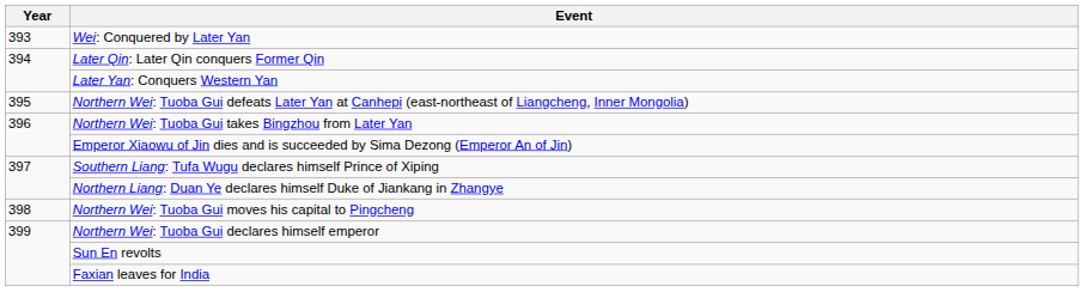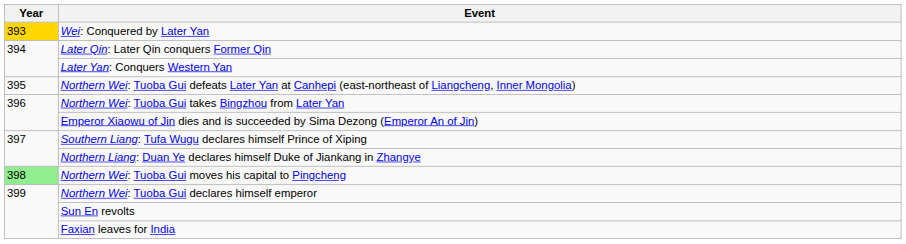 <table class="wikitable" style="width:100%;">
 <tr>
 <th style="width:6%">Year</th>
 <th>Event</th>
 </tr>
 <tr>
-<td>393</td>
+<td style="background: gold;">393</td>
 <td><em><a href='#'>Wei</a></em>: Conquered by <a href='#'>Later Yan</a></td>
 </tr>
 <tr>
 <td rowspan="2" style="vertical-align:top;">394</td>
 <td><em><a href='#'>Later Qin</a></em>: Later Qin conquers <a href='#'>Former Qin</a></td>
 </tr>
 <tr>
 <td><em><a href='#'>Later Yan</a></em>: Conquers <a href='#'>Western Yan</a></td>
 </tr>
 <tr>
 <td>395</td>
 <td><em><a href='#'>Northern Wei</a></em>: <a href='#'>Tuoba Gui</a> defeats <a href='#'>Later Yan</a> at <a href='#'>Canhepi</a> (east-northeast of <a href='#'>Liangcheng</a>, <a href='#'>Inner Mongolia</a>)</td>
 </tr>
 <tr>
 <td rowspan="2" style="vertical-align:top;">396</td>
 <td><em><a href='#'>Northern Wei</a></em>: <a href='#'>Tuoba Gui</a> takes <a href='#'>Bingzhou</a> from <a href='#'>Later Yan</a></td>
 </tr>
 <tr>
 <td><a href='#'>Emperor Xiaowu of Jin</a> dies and is succeeded by Sima Dezong (<a href='#'>Emperor An of Jin</a>)</td>
 </tr>
 <tr>
 <td rowspan="2" style="vertical-align:top;">397</td>
 <td><em><a href='#'>Southern Liang</a></em>: <a href='#'>Tufa Wugu</a> declares himself Prince of Xiping</td>
 </tr>
 <tr>
 <td><em><a href='#'>Northern Liang</a></em>: <a href='#'>Duan Ye</a> declares himself Duke of Jiankang in <a href='#'>Zhangye</a></td>
 </tr>
 <tr>
-<td>398</td>
+<td style="background: lightgreen;">398</td>
 <td><em><a href='#'>Northern Wei</a></em>: <a href='#'>Tuoba Gui</a> moves his capital to <a href='#'>Pingcheng</a></td>
 </tr>
 <tr>
 <td rowspan="3" style="vertical-align:top;">399</td>
 <td><em><a href='#'>Northern Wei</a></em>: <a href='#'>Tuoba Gui</a> declares himself emperor</td>
 </tr>
 <tr>
 <td><a href='#'>Sun En</a> revolts</td>
 </tr>
 <tr>
 <td><a href='#'>Faxian</a> leaves for <a href='#'>India</a></td>
 </tr>
 </table>
